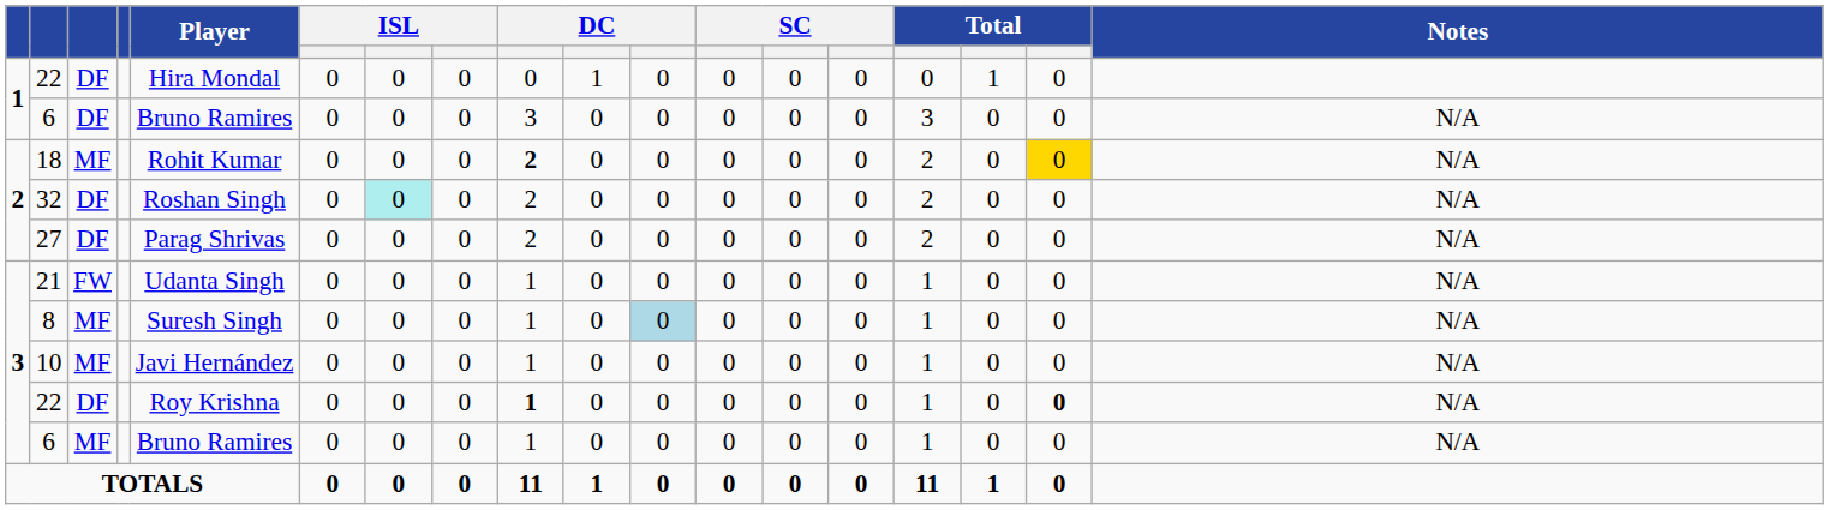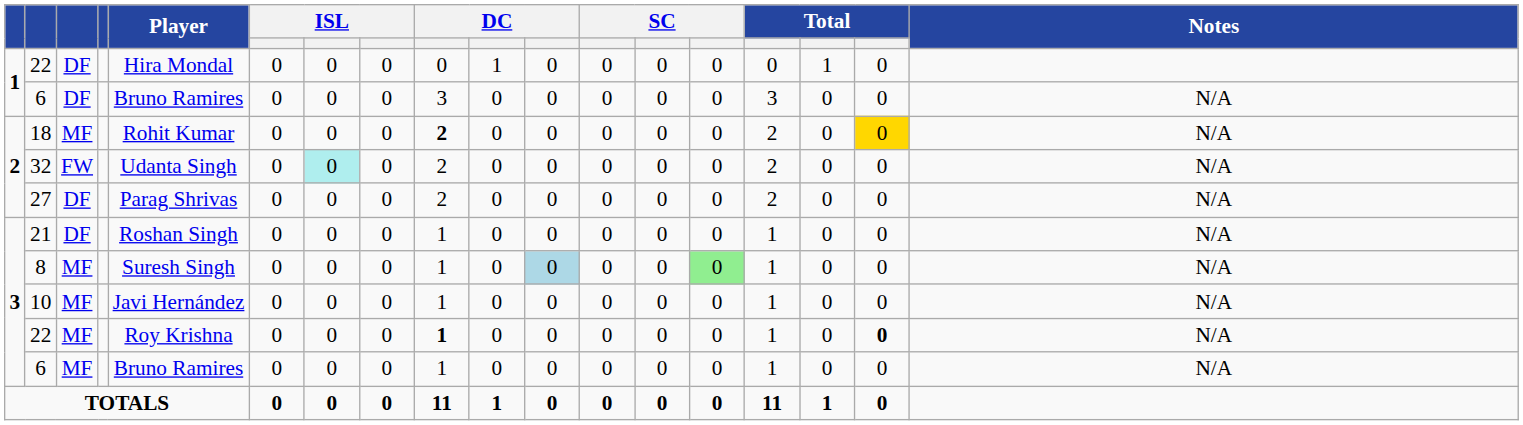 <table class="wikitable" style="text-align:center;">
 <tr>
 <th rowspan="2" !width=15 style="background:#2545A0; color:#FFFFFF; "></th>
 <th rowspan="2" !width=15 style="background:#2545A0; color:#FFFFFF; "></th>
 <th rowspan="2" !width=15 style="background:#2545A0; color:#FFFFFF; "></th>
 <th rowspan="2" !width=15 style="background:#2545A0; color:#FFFFFF; "></th>
 <th rowspan="2" style="background:#2545A0; color:#FFFFFF; ">Player</th>
 <th colspan="3" style="color:#2545A0;"><a href='#'>ISL</a></th>
 <th colspan="3" style="color:#2545A0;"><a href='#'>DC</a></th>
 <th colspan="3" style="color:#2545A0;"><a href='#'>SC</a></th>
 <th colspan="3" style="background:#2545A0; color:#FFFFFF; ">Total</th>
 <th rowspan="2" style="width: 450px; background:#2545A0; color:#FFFFFF; ">Notes</th>
 </tr>
 <tr>
 <th width=34></th>
 <th width=34></th>
 <th width=34></th>
 <th width=34></th>
 <th width=34></th>
 <th width=34></th>
 <th width=34></th>
 <th width=34></th>
 <th width=34></th>
 <th width=34></th>
 <th width=34></th>
 <th width=34></th>
 </tr>
 <tr>
 <td rowspan=2><strong>1</strong></td>
 <td>22</td>
 <td><a href='#'>DF</a></td>
 <td></td>
 <td><a href='#'>Hira Mondal</a></td>
 <td>0</td>
 <td>0</td>
 <td>0</td>
 <td>0</td>
 <td>1</td>
 <td>0</td>
 <td>0</td>
 <td>0</td>
 <td>0</td>
 <td>0</td>
 <td>1</td>
 <td>0</td>
 <td></td>
 </tr>
 <tr>
 <td>6</td>
 <td><a href='#'>DF</a></td>
 <td></td>
 <td><a href='#'>Bruno Ramires</a></td>
 <td>0</td>
 <td>0</td>
 <td>0</td>
 <td>3</td>
 <td>0</td>
 <td>0</td>
 <td>0</td>
 <td>0</td>
 <td>0</td>
 <td>3</td>
 <td>0</td>
 <td>0</td>
 <td>N/A</td>
 </tr>
 <tr>
 <td rowspan=3><strong>2</strong></td>
 <td>18</td>
 <td><a href='#'>MF</a></td>
 <td></td>
 <td><a href='#'>Rohit Kumar</a></td>
 <td>0</td>
 <td>0</td>
 <td>0</td>
 <td><strong>2</strong></td>
 <td>0</td>
 <td>0</td>
 <td>0</td>
 <td>0</td>
 <td>0</td>
 <td>2</td>
 <td>0</td>
 <td style="background: gold;">0</td>
 <td>N/A</td>
 </tr>
 <tr>
 <td>32</td>
-<td><a href='#'>DF</a></td>
+<td><a href='#'>FW</a></td>
 <td></td>
-<td><a href='#'>Roshan Singh</a></td>
+<td><a href='#'>Udanta Singh</a></td>
 <td>0</td>
 <td style="background: paleturquoise;">0</td>
 <td>0</td>
 <td>2</td>
 <td>0</td>
 <td>0</td>
 <td>0</td>
 <td>0</td>
 <td>0</td>
 <td>2</td>
 <td>0</td>
 <td>0</td>
 <td>N/A</td>
 </tr>
 <tr>
 <td>27</td>
 <td><a href='#'>DF</a></td>
 <td></td>
 <td><a href='#'>Parag Shrivas</a></td>
 <td>0</td>
 <td>0</td>
 <td>0</td>
 <td>2</td>
 <td>0</td>
 <td>0</td>
 <td>0</td>
 <td>0</td>
 <td>0</td>
 <td>2</td>
 <td>0</td>
 <td>0</td>
 <td>N/A</td>
 </tr>
 <tr>
 <td rowspan=5><strong>3</strong></td>
 <td>21</td>
-<td><a href='#'>FW</a></td>
+<td><a href='#'>DF</a></td>
 <td></td>
-<td><a href='#'>Udanta Singh</a></td>
+<td><a href='#'>Roshan Singh</a></td>
 <td>0</td>
 <td>0</td>
 <td>0</td>
 <td>1</td>
 <td>0</td>
 <td>0</td>
 <td>0</td>
 <td>0</td>
 <td>0</td>
 <td>1</td>
 <td>0</td>
 <td>0</td>
 <td>N/A</td>
 </tr>
 <tr>
 <td>8</td>
 <td><a href='#'>MF</a></td>
 <td></td>
 <td><a href='#'>Suresh Singh</a></td>
 <td>0</td>
 <td>0</td>
 <td>0</td>
 <td>1</td>
 <td>0</td>
 <td style="background: lightblue;">0</td>
 <td>0</td>
 <td>0</td>
-<td>0</td>
+<td style="background: lightgreen;">0</td>
 <td>1</td>
 <td>0</td>
 <td>0</td>
 <td>N/A</td>
 </tr>
 <tr>
 <td>10</td>
 <td><a href='#'>MF</a></td>
 <td></td>
 <td><a href='#'>Javi Hernández</a></td>
 <td>0</td>
 <td>0</td>
 <td>0</td>
 <td>1</td>
 <td>0</td>
 <td>0</td>
 <td>0</td>
 <td>0</td>
 <td>0</td>
 <td>1</td>
 <td>0</td>
 <td>0</td>
 <td>N/A</td>
 </tr>
 <tr>
 <td>22</td>
-<td><a href='#'>DF</a></td>
+<td><a href='#'>MF</a></td>
 <td></td>
 <td><a href='#'>Roy Krishna</a></td>
 <td>0</td>
 <td>0</td>
 <td>0</td>
 <td><strong>1</strong></td>
 <td>0</td>
 <td>0</td>
 <td>0</td>
 <td>0</td>
 <td>0</td>
 <td>1</td>
 <td>0</td>
 <td><strong>0</strong></td>
 <td>N/A</td>
 </tr>
 <tr>
 <td>6</td>
 <td><a href='#'>MF</a></td>
 <td></td>
 <td><a href='#'>Bruno Ramires</a></td>
 <td>0</td>
 <td>0</td>
 <td>0</td>
 <td>1</td>
 <td>0</td>
 <td>0</td>
 <td>0</td>
 <td>0</td>
 <td>0</td>
 <td>1</td>
 <td>0</td>
 <td>0</td>
 <td>N/A</td>
 </tr>
 <tr>
 <td colspan="5"><strong>TOTALS</strong></td>
 <td><strong>0</strong></td>
 <td><strong>0</strong></td>
 <td><strong>0</strong></td>
 <td><strong>11</strong></td>
 <td><strong>1</strong></td>
 <td><strong>0</strong></td>
 <td><strong>0</strong></td>
 <td><strong>0</strong></td>
 <td><strong>0</strong></td>
 <td><strong>11</strong></td>
 <td><strong>1</strong></td>
 <td><strong>0</strong></td>
 <td></td>
 </tr>
 </table>
